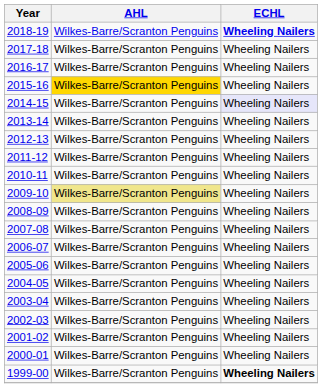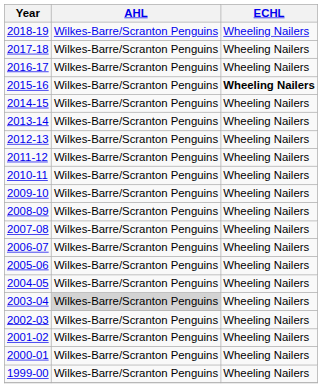 <table class="wikitable">
 <tr>
 <th>Year</th>
 <th><a href='#'>AHL</a></th>
 <th><a href='#'>ECHL</a></th>
 </tr>
 <tr>
 <td><a href='#'>2018-19</a></td>
 <td><a href='#'>Wilkes-Barre/Scranton Penguins</a></td>
-<td><strong><a href='#'>Wheeling Nailers</a></strong></td>
+<td><a href='#'>Wheeling Nailers</a></td>
 </tr>
 <tr>
 <td><a href='#'>2017-18</a></td>
 <td>Wilkes-Barre/Scranton Penguins</td>
 <td>Wheeling Nailers</td>
 </tr>
 <tr>
 <td><a href='#'>2016-17</a></td>
 <td>Wilkes-Barre/Scranton Penguins</td>
 <td>Wheeling Nailers</td>
 </tr>
 <tr>
 <td><a href='#'>2015-16</a></td>
-<td style="background: gold;">Wilkes-Barre/Scranton Penguins</td>
-<td>Wheeling Nailers</td>
+<td>Wilkes-Barre/Scranton Penguins</td>
+<td><strong>Wheeling Nailers</strong></td>
 </tr>
 <tr>
 <td><a href='#'>2014-15</a></td>
 <td>Wilkes-Barre/Scranton Penguins</td>
-<td style="background: lavender;">Wheeling Nailers</td>
+<td>Wheeling Nailers</td>
 </tr>
 <tr>
 <td><a href='#'>2013-14</a></td>
 <td>Wilkes-Barre/Scranton Penguins</td>
 <td>Wheeling Nailers</td>
 </tr>
 <tr>
 <td><a href='#'>2012-13</a></td>
 <td>Wilkes-Barre/Scranton Penguins</td>
 <td>Wheeling Nailers</td>
 </tr>
 <tr>
 <td><a href='#'>2011-12</a></td>
 <td>Wilkes-Barre/Scranton Penguins</td>
 <td>Wheeling Nailers</td>
 </tr>
 <tr>
 <td><a href='#'>2010-11</a></td>
 <td>Wilkes-Barre/Scranton Penguins</td>
 <td>Wheeling Nailers</td>
 </tr>
 <tr>
 <td><a href='#'>2009-10</a></td>
-<td style="background: khaki;">Wilkes-Barre/Scranton Penguins</td>
+<td>Wilkes-Barre/Scranton Penguins</td>
 <td>Wheeling Nailers</td>
 </tr>
 <tr>
 <td><a href='#'>2008-09</a></td>
 <td>Wilkes-Barre/Scranton Penguins</td>
 <td>Wheeling Nailers</td>
 </tr>
 <tr>
 <td><a href='#'>2007-08</a></td>
 <td>Wilkes-Barre/Scranton Penguins</td>
 <td>Wheeling Nailers</td>
 </tr>
 <tr>
 <td><a href='#'>2006-07</a></td>
 <td>Wilkes-Barre/Scranton Penguins</td>
 <td>Wheeling Nailers</td>
 </tr>
 <tr>
 <td><a href='#'>2005-06</a></td>
 <td>Wilkes-Barre/Scranton Penguins</td>
 <td>Wheeling Nailers</td>
 </tr>
 <tr>
 <td><a href='#'>2004-05</a></td>
 <td>Wilkes-Barre/Scranton Penguins</td>
 <td>Wheeling Nailers</td>
 </tr>
 <tr>
 <td><a href='#'>2003-04</a></td>
-<td>Wilkes-Barre/Scranton Penguins</td>
+<td style="background: lightgrey;">Wilkes-Barre/Scranton Penguins</td>
 <td>Wheeling Nailers</td>
 </tr>
 <tr>
 <td><a href='#'>2002-03</a></td>
 <td>Wilkes-Barre/Scranton Penguins</td>
 <td>Wheeling Nailers</td>
 </tr>
 <tr>
 <td><a href='#'>2001-02</a></td>
 <td>Wilkes-Barre/Scranton Penguins</td>
 <td>Wheeling Nailers</td>
 </tr>
 <tr>
 <td><a href='#'>2000-01</a></td>
 <td>Wilkes-Barre/Scranton Penguins</td>
 <td>Wheeling Nailers</td>
 </tr>
 <tr>
 <td><a href='#'>1999-00</a></td>
 <td>Wilkes-Barre/Scranton Penguins</td>
-<td><strong>Wheeling Nailers</strong></td>
+<td>Wheeling Nailers</td>
 </tr>
 <tr>
 </tr>
 </table>
